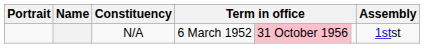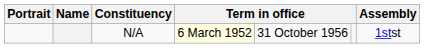 <table class="wikitable" style="text-align:center">
 <tr>
 <th scope="col">Portrait</th>
 <th scope="col">Name</th>
 <th scope="col">Constituency</th>
 <th colspan="3" scope="colgroup">Term in office</th>
 <th scope="col">Assembly</th>
 </tr>
 <tr align="center">
 <td></td>
 <th scope="row"></th>
 <td>N/A</td>
-<td>6 March 1952</td>
-<td style="background: pink;">31 October 1956</td>
+<td style="background: lightyellow;">6 March 1952</td>
+<td>31 October 1956</td>
 <td></td>
 <td><a href='#'>1st</a>st</td>
 </tr>
 </table>
